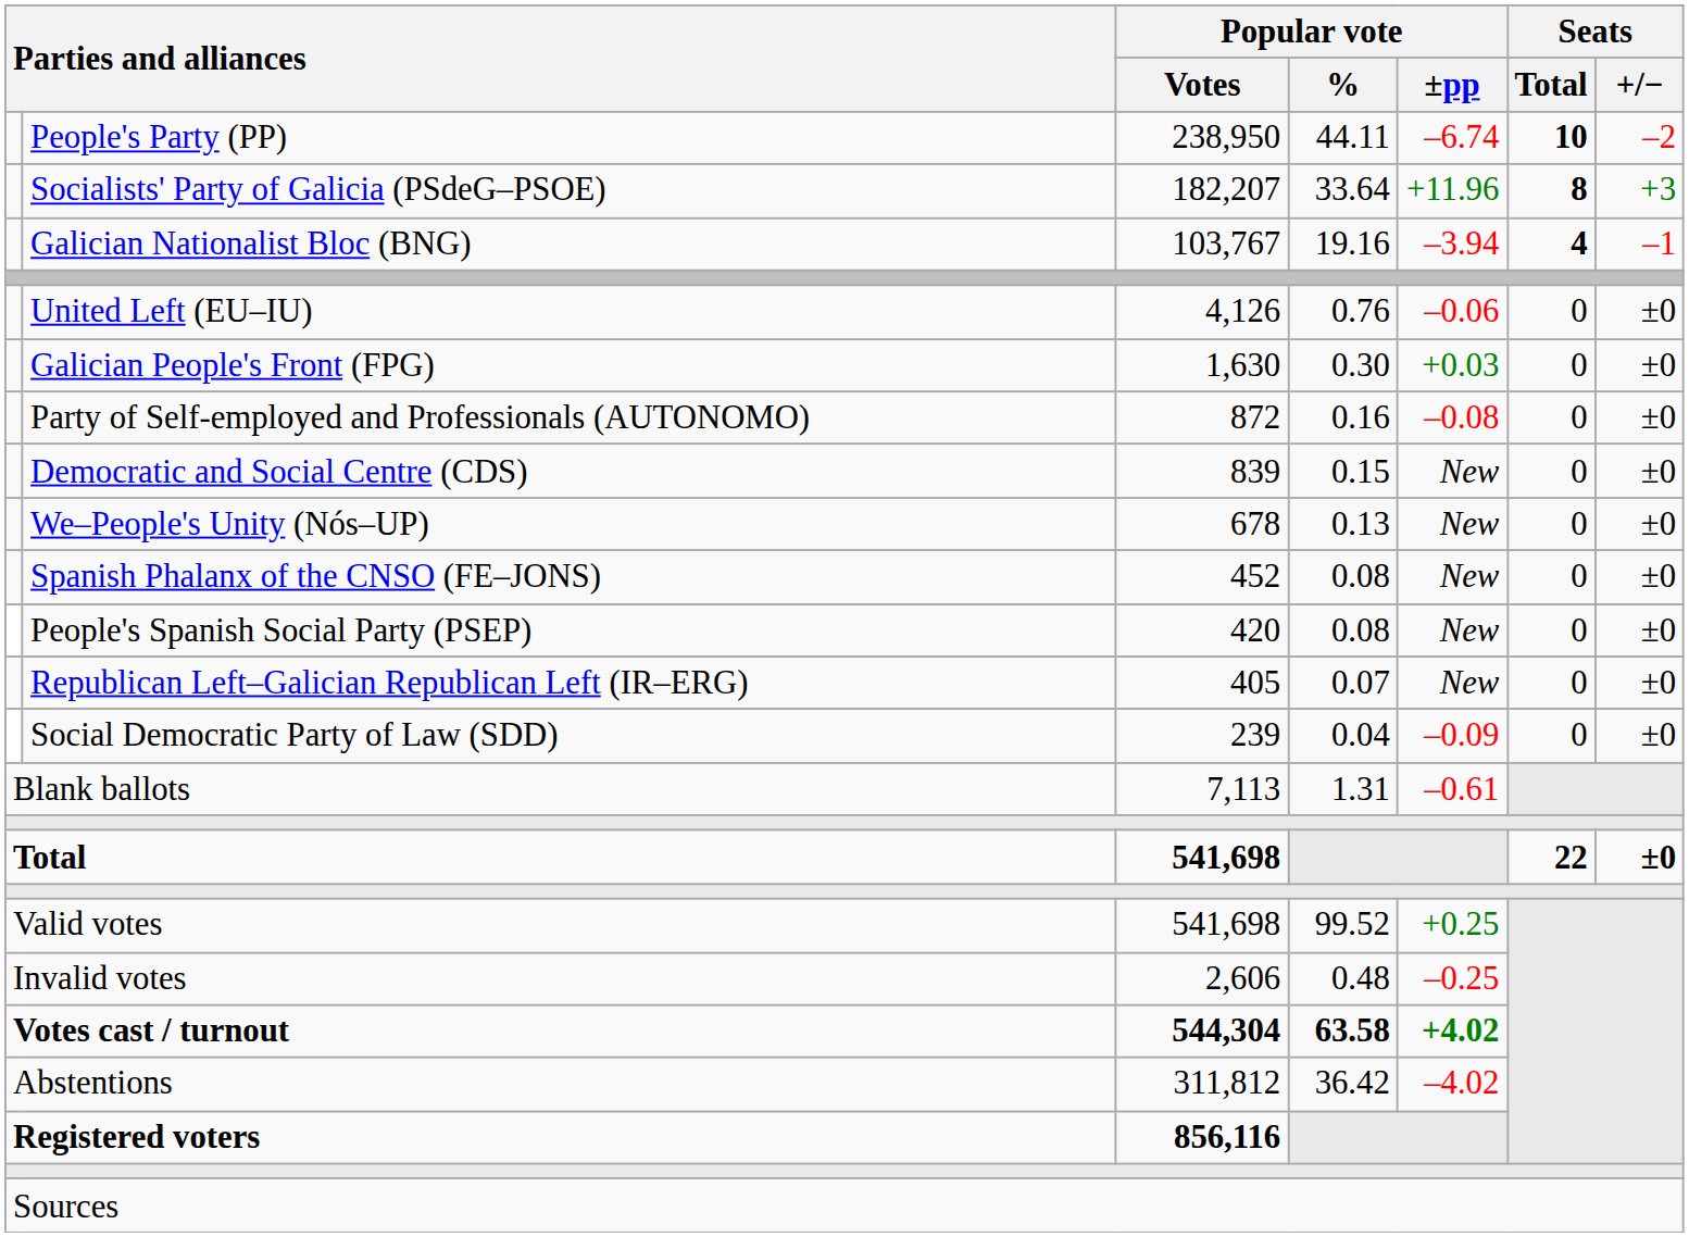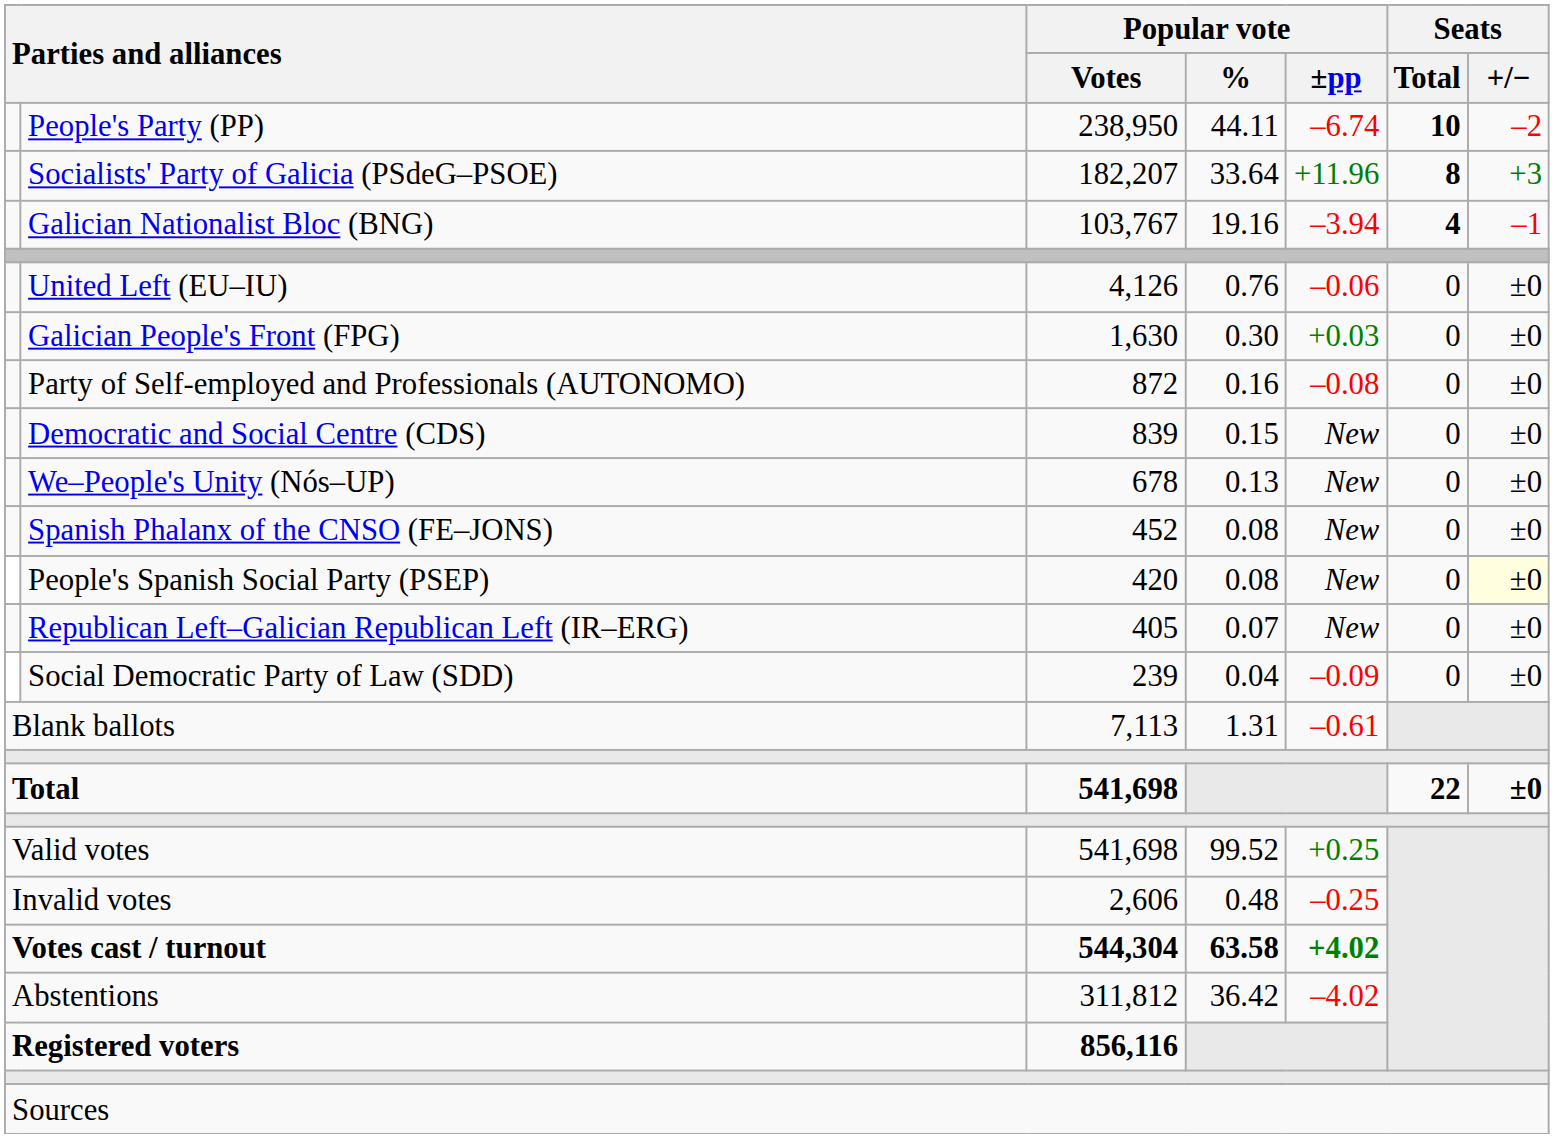 <table class="wikitable" style="text-align:right;">
 <tr>
 <th style="text-align:left;" rowspan="2" colspan="2" width="525">Parties and alliances</th>
 <th colspan="3">Popular vote</th>
 <th colspan="2">Seats</th>
 </tr>
 <tr>
 <th width="75">Votes</th>
 <th width="45">%</th>
 <th width="45">±<a href='#'>pp</a></th>
 <th width="35">Total</th>
 <th width="35">+/−</th>
 </tr>
 <tr>
 <td width="1" style="color:inherit;background:"></td>
 <td align="left"><a href='#'>People's Party</a> (PP)</td>
 <td>238,950</td>
 <td>44.11</td>
 <td style="color:red;">–6.74</td>
 <td><strong>10</strong></td>
 <td style="color:red;">–2</td>
 </tr>
 <tr>
 <td style="color:inherit;background:"></td>
 <td align="left"><a href='#'>Socialists' Party of Galicia</a> (PSdeG–PSOE)</td>
 <td>182,207</td>
 <td>33.64</td>
 <td style="color:green;">+11.96</td>
 <td><strong>8</strong></td>
 <td style="color:green;">+3</td>
 </tr>
 <tr>
 <td style="color:inherit;background:"></td>
 <td align="left"><a href='#'>Galician Nationalist Bloc</a> (BNG)</td>
 <td>103,767</td>
 <td>19.16</td>
 <td style="color:red;">–3.94</td>
 <td><strong>4</strong></td>
 <td style="color:red;">–1</td>
 </tr>
 <tr>
 <td colspan="7" bgcolor="#C0C0C0"></td>
 </tr>
 <tr>
 <td style="color:inherit;background:"></td>
 <td align="left"><a href='#'>United Left</a> (EU–IU)</td>
 <td>4,126</td>
 <td>0.76</td>
 <td style="color:red;">–0.06</td>
 <td>0</td>
 <td>±0</td>
 </tr>
 <tr>
 <td style="color:inherit;background:"></td>
 <td align="left"><a href='#'>Galician People's Front</a> (FPG)</td>
 <td>1,630</td>
 <td>0.30</td>
 <td style="color:green;">+0.03</td>
 <td>0</td>
 <td>±0</td>
 </tr>
 <tr>
 <td style="color:inherit;background:"></td>
 <td align="left">Party of Self-employed and Professionals (AUTONOMO)</td>
 <td>872</td>
 <td>0.16</td>
 <td style="color:red;">–0.08</td>
 <td>0</td>
 <td>±0</td>
 </tr>
 <tr>
 <td style="color:inherit;background:"></td>
 <td align="left"><a href='#'>Democratic and Social Centre</a> (CDS)</td>
 <td>839</td>
 <td>0.15</td>
 <td><em>New</em></td>
 <td>0</td>
 <td>±0</td>
 </tr>
 <tr>
 <td style="color:inherit;background:"></td>
 <td align="left"><a href='#'>We–People's Unity</a> (Nós–UP)</td>
 <td>678</td>
 <td>0.13</td>
 <td><em>New</em></td>
 <td>0</td>
 <td>±0</td>
 </tr>
 <tr>
 <td style="color:inherit;background:"></td>
 <td align="left"><a href='#'>Spanish Phalanx of the CNSO</a> (FE–JONS)</td>
 <td>452</td>
 <td>0.08</td>
 <td><em>New</em></td>
 <td>0</td>
 <td>±0</td>
 </tr>
 <tr>
 <td bgcolor="white"></td>
 <td align="left">People's Spanish Social Party (PSEP)</td>
 <td>420</td>
 <td>0.08</td>
 <td><em>New</em></td>
 <td>0</td>
-<td>±0</td>
+<td style="background: lightyellow;">±0</td>
 </tr>
 <tr>
 <td style="color:inherit;background:"></td>
 <td align="left"><a href='#'>Republican Left–Galician Republican Left</a> (IR–ERG)</td>
 <td>405</td>
 <td>0.07</td>
 <td><em>New</em></td>
 <td>0</td>
 <td>±0</td>
 </tr>
 <tr>
 <td bgcolor="white"></td>
 <td align="left">Social Democratic Party of Law (SDD)</td>
 <td>239</td>
 <td>0.04</td>
 <td style="color:red;">–0.09</td>
 <td>0</td>
 <td>±0</td>
 </tr>
 <tr>
 <td align="left" colspan="2">Blank ballots</td>
 <td>7,113</td>
 <td>1.31</td>
 <td style="color:red;">–0.61</td>
 <td bgcolor="#E9E9E9" colspan="2"></td>
 </tr>
 <tr>
 <td colspan="7" bgcolor="#E9E9E9"></td>
 </tr>
 <tr style="font-weight:bold;">
 <td align="left" colspan="2">Total</td>
 <td>541,698</td>
 <td bgcolor="#E9E9E9" colspan="2"></td>
 <td>22</td>
 <td>±0</td>
 </tr>
 <tr>
 <td colspan="7" bgcolor="#E9E9E9"></td>
 </tr>
 <tr>
 <td align="left" colspan="2">Valid votes</td>
 <td>541,698</td>
 <td>99.52</td>
 <td style="color:green;">+0.25</td>
 <td bgcolor="#E9E9E9" colspan="7" rowspan="5"></td>
 </tr>
 <tr>
 <td align="left" colspan="2">Invalid votes</td>
 <td>2,606</td>
 <td>0.48</td>
 <td style="color:red;">–0.25</td>
 </tr>
 <tr style="font-weight:bold;">
 <td align="left" colspan="2">Votes cast / turnout</td>
 <td>544,304</td>
 <td>63.58</td>
 <td style="color:green;">+4.02</td>
 </tr>
 <tr>
 <td align="left" colspan="2">Abstentions</td>
 <td>311,812</td>
 <td>36.42</td>
 <td style="color:red;">–4.02</td>
 </tr>
 <tr style="font-weight:bold;">
 <td align="left" colspan="2">Registered voters</td>
 <td>856,116</td>
 <td bgcolor="#E9E9E9" colspan="2"></td>
 </tr>
 <tr>
 <td colspan="7" bgcolor="#E9E9E9"></td>
 </tr>
 <tr>
 <td align="left" colspan="7">Sources</td>
 </tr>
 </table>
